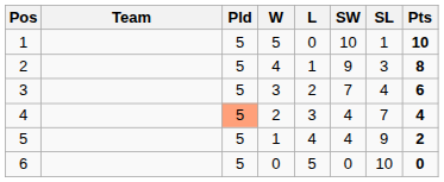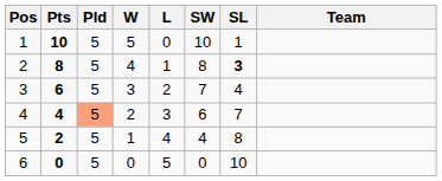 <table class="wikitable" style="text-align: center;">
 <tr>
 <th width="30">Pos</th>
-<th width="180">Team</th>
+<th width="30">Pts</th>
 <th width="30">Pld</th>
 <th width="30">W</th>
 <th width="30">L</th>
 <th width="30">SW</th>
 <th width="30">SL</th>
-<th width="30">Pts</th>
+<th width="180">Team</th>
 </tr>
 <tr>
 <td>1</td>
-<td align="left"></td>
+<td><strong>10</strong></td>
 <td>5</td>
 <td>5</td>
 <td>0</td>
 <td>10</td>
 <td>1</td>
-<td><strong>10</strong></td>
+<td align="left"></td>
 </tr>
 <tr>
 <td>2</td>
-<td align="left"></td>
+<td><strong>8</strong></td>
 <td>5</td>
 <td>4</td>
 <td>1</td>
-<td>9</td>
-<td>3</td>
-<td><strong>8</strong></td>
+<td>8</td>
+<td><strong>3</strong></td>
+<td align="left"></td>
 </tr>
 <tr>
 <td>3</td>
-<td align="left"></td>
+<td><strong>6</strong></td>
 <td>5</td>
 <td>3</td>
 <td>2</td>
 <td>7</td>
 <td>4</td>
-<td><strong>6</strong></td>
+<td align="left"></td>
 </tr>
 <tr>
 <td>4</td>
-<td align="left"></td>
+<td><strong>4</strong></td>
 <td style="background: lightsalmon;">5</td>
 <td>2</td>
 <td>3</td>
-<td>4</td>
+<td>6</td>
 <td>7</td>
-<td><strong>4</strong></td>
+<td align="left"></td>
 </tr>
 <tr>
 <td>5</td>
-<td align="left"></td>
+<td><strong>2</strong></td>
 <td>5</td>
 <td>1</td>
 <td>4</td>
 <td>4</td>
-<td>9</td>
-<td><strong>2</strong></td>
+<td>8</td>
+<td align="left"></td>
 </tr>
 <tr>
 <td>6</td>
-<td align="left"></td>
+<td><strong>0</strong></td>
 <td>5</td>
 <td>0</td>
 <td>5</td>
 <td>0</td>
 <td>10</td>
-<td><strong>0</strong></td>
+<td align="left"></td>
 </tr>
 </table>
